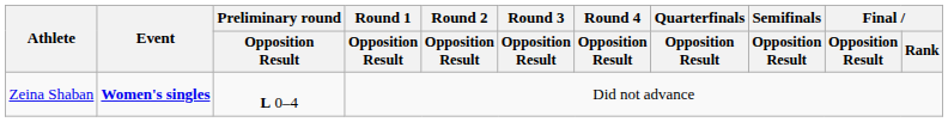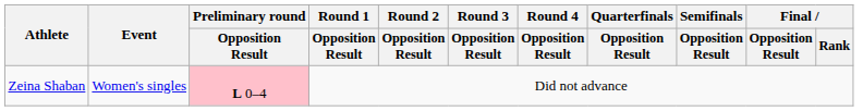 <table class="wikitable" style="font-size:90%">
 <tr>
 <th rowspan="2">Athlete</th>
 <th rowspan="2">Event</th>
 <th>Preliminary round</th>
 <th>Round 1</th>
 <th>Round 2</th>
 <th>Round 3</th>
 <th>Round 4</th>
 <th>Quarterfinals</th>
 <th>Semifinals</th>
 <th colspan=2>Final / </th>
 </tr>
 <tr style="font-size:95%">
 <th>Opposition<br>Result</th>
 <th>Opposition<br>Result</th>
 <th>Opposition<br>Result</th>
 <th>Opposition<br>Result</th>
 <th>Opposition<br>Result</th>
 <th>Opposition<br>Result</th>
 <th>Opposition<br>Result</th>
 <th>Opposition<br>Result</th>
 <th>Rank</th>
 </tr>
 <tr align=center>
 <td align=left><a href='#'>Zeina Shaban</a></td>
-<td align=left><strong><a href='#'>Women's singles</a></strong></td>
-<td> <br><strong>L</strong> 0–4</td>
+<td align=left><a href='#'>Women's singles</a></td>
+<td style="background: pink;"> <br><strong>L</strong> 0–4</td>
 <td colspan=8>Did not advance</td>
 </tr>
 </table>
